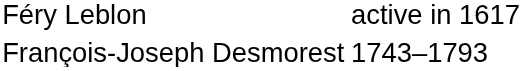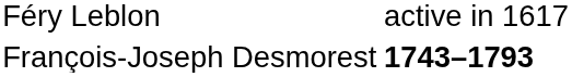 <table>
 <tr>
 <td>Féry Leblon</td>
 <td>active in 1617</td>
 </tr>
 <tr>
 <td>François-Joseph Desmorest</td>
-<td>1743–1793</td>
+<td><strong>1743–1793</strong></td>
 </tr>
 </table>
